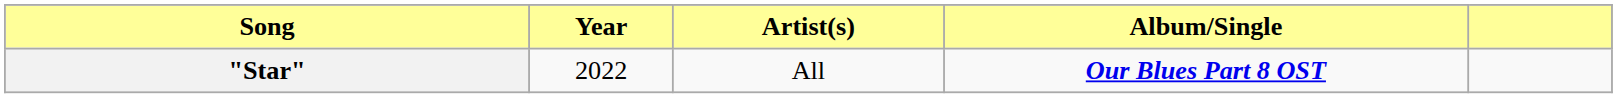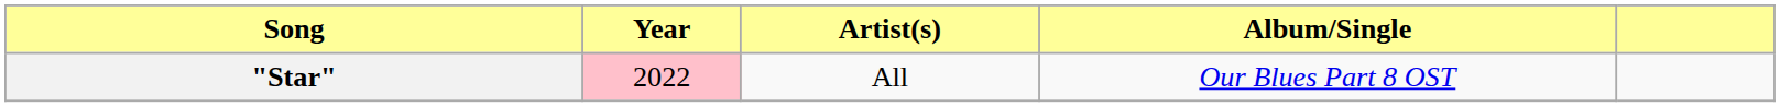 <table class="wikitable" style="margin:0.5em auto; clear:both; font-size:.9em; text-align:center; width:100%">
 <tr>
 <th style="width:200px; background:#FFFF99;">Song</th>
 <th style="width:50px; background:#FFFF99;">Year</th>
 <th style="width:100px; background:#FFFF99;">Artist(s)</th>
 <th style="width:200px; background:#FFFF99;">Album/Single</th>
 <th style="width:50px; background:#FFFF99;"></th>
 </tr>
 <tr>
 <th scope="row">"Star"</th>
-<td>2022</td>
+<td style="background: pink;">2022</td>
 <td>All</td>
-<td><strong><em><a href='#'>Our Blues Part 8 OST</a></em></strong></td>
+<td><em><a href='#'>Our Blues Part 8 OST</a></em></td>
 <td></td>
 </tr>
 </table>
